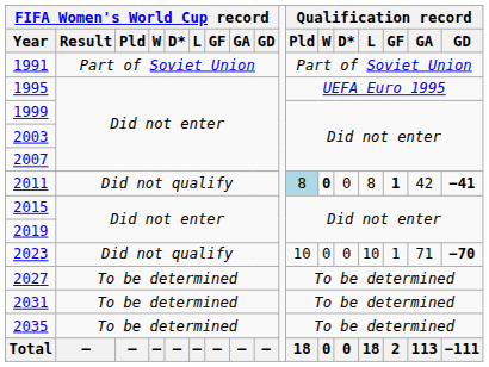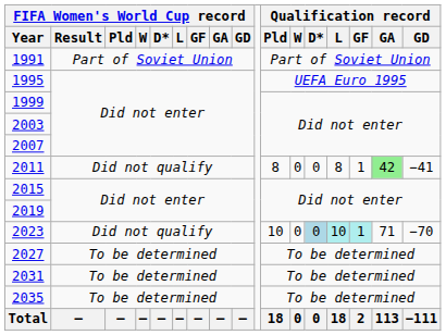 <table class="wikitable" style="text-align: center;">
 <tr>
 <th colspan=9><a href='#'>FIFA Women's World Cup</a> record</th>
 <td rowspan=100></td>
 <th colspan=7>Qualification record</th>
 </tr>
 <tr>
 <th>Year</th>
 <th>Result</th>
 <th>Pld</th>
 <th>W</th>
 <th>D*</th>
 <th>L</th>
 <th>GF</th>
 <th>GA</th>
 <th>GD<br></th>
 <th>Pld</th>
 <th>W</th>
 <th>D*</th>
 <th>L</th>
 <th>GF</th>
 <th>GA</th>
 <th>GD</th>
 </tr>
 <tr>
 <td> <a href='#'>1991</a></td>
 <td colspan=8><em>Part of <a href='#'>Soviet Union</a></em></td>
 <td colspan=7><em>Part of <a href='#'>Soviet Union</a></em></td>
 </tr>
 <tr>
 <td> <a href='#'>1995</a></td>
 <td colspan=8 rowspan=4><em>Did not enter</em></td>
 <td colspan=7><em><a href='#'>UEFA Euro 1995</a></em></td>
 </tr>
 <tr>
 <td> <a href='#'>1999</a></td>
 <td colspan=7 rowspan=3><em>Did not enter</em></td>
 </tr>
 <tr>
 <td> <a href='#'>2003</a></td>
 </tr>
 <tr>
 <td> <a href='#'>2007</a></td>
 </tr>
 <tr>
 <td> <a href='#'>2011</a></td>
 <td colspan=8><em>Did not qualify</em></td>
-<td style="background: lightblue;">8</td>
-<td><strong>0</strong></td>
+<td>8</td>
+<td>0</td>
 <td>0</td>
 <td>8</td>
-<td><strong>1</strong></td>
-<td>42</td>
-<td><strong>−41</strong></td>
+<td>1</td>
+<td style="background: lightgreen;">42</td>
+<td>−41</td>
 </tr>
 <tr>
 <td> <a href='#'>2015</a></td>
 <td colspan=8 rowspan=2><em>Did not enter</em></td>
 <td colspan=7 rowspan=2><em>Did not enter</em></td>
 </tr>
 <tr>
 <td> <a href='#'>2019</a></td>
 </tr>
 <tr>
 <td> <a href='#'>2023</a></td>
 <td colspan=8><em>Did not qualify</em></td>
 <td>10</td>
 <td>0</td>
-<td>0</td>
-<td>10</td>
-<td>1</td>
+<td style="background: lightblue;">0</td>
+<td style="background: paleturquoise;">10</td>
+<td style="background: paleturquoise;">1</td>
 <td>71</td>
-<td><strong>−70</strong></td>
+<td>−70</td>
 </tr>
 <tr>
 <td> <a href='#'>2027</a></td>
 <td colspan=8><em>To be determined</em></td>
 <td colspan=7><em>To be determined</em></td>
 </tr>
 <tr>
 <td> <a href='#'>2031</a></td>
 <td colspan=8><em>To be determined</em></td>
 <td colspan=7><em>To be determined</em></td>
 </tr>
 <tr>
 <td> <a href='#'>2035</a></td>
 <td colspan=8><em>To be determined</em></td>
 <td colspan=7><em>To be determined</em></td>
 </tr>
 <tr>
 <th>Total</th>
 <th>–</th>
 <th>–</th>
 <th>–</th>
 <th>–</th>
 <th>–</th>
 <th>–</th>
 <th>–</th>
 <th>–</th>
 <th>18</th>
 <th>0</th>
 <th>0</th>
 <th>18</th>
 <th>2</th>
 <th>113</th>
 <th>−111</th>
 </tr>
 </table>
